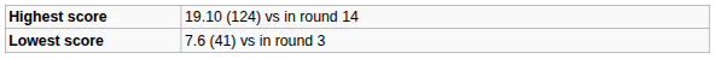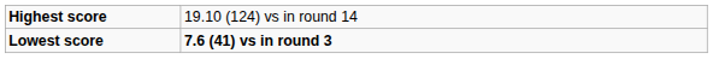 <table class="wikitable" style="width:60%;">
 <tr>
 <td style="width:25%;"><strong>Highest score</strong></td>
 <td>19.10 (124) vs  in round 14</td>
 </tr>
 <tr>
 <td style="width:25%;"><strong>Lowest score</strong></td>
-<td>7.6 (41) vs  in round 3</td>
+<td><strong>7.6 (41) vs  in round 3</strong></td>
 </tr>
 </table>
